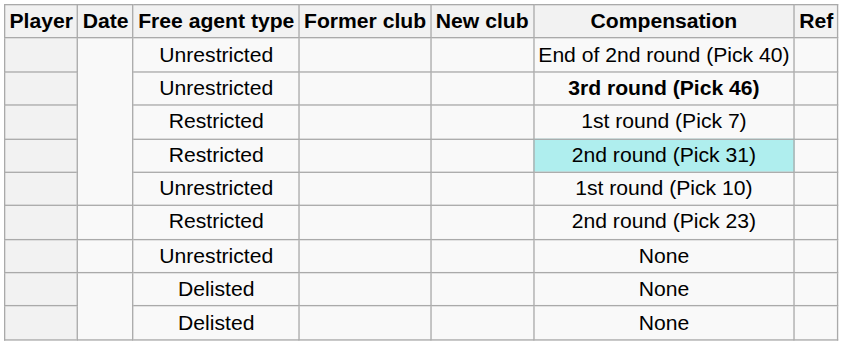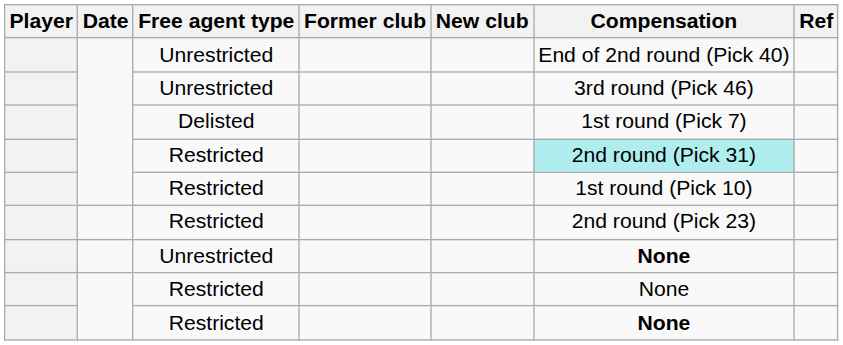 <table class="wikitable plainrowheaders sortable" style="text-align:center;">
 <tr>
 <th scope="col">Player</th>
 <th scope="col">Date</th>
 <th scope="col">Free agent type</th>
 <th scope="col">Former club</th>
 <th scope="col">New club</th>
 <th scope="col">Compensation</th>
 <th scope="col" class="unsortable">Ref</th>
 </tr>
 <tr>
 <th scope="row"></th>
 <td rowspan=5></td>
 <td>Unrestricted</td>
 <td></td>
 <td></td>
 <td>End of 2nd round (Pick 40)</td>
 <td></td>
 </tr>
 <tr>
 <th scope="row"></th>
 <td>Unrestricted</td>
 <td></td>
 <td></td>
-<td><strong>3rd round (Pick 46)</strong></td>
+<td>3rd round (Pick 46)</td>
 <td></td>
 </tr>
 <tr>
 <th scope="row"></th>
-<td>Restricted</td>
+<td>Delisted</td>
 <td></td>
 <td></td>
 <td>1st round (Pick 7)</td>
 <td></td>
 </tr>
 <tr>
 <th scope="row"></th>
 <td>Restricted</td>
 <td></td>
 <td></td>
 <td style="background: paleturquoise;">2nd round (Pick 31)</td>
 <td></td>
 </tr>
 <tr>
 <th scope="row"></th>
-<td>Unrestricted</td>
+<td>Restricted</td>
 <td></td>
 <td></td>
 <td>1st round (Pick 10)</td>
 <td></td>
 </tr>
 <tr>
 <th scope="row"></th>
 <td></td>
 <td>Restricted</td>
 <td></td>
 <td></td>
 <td>2nd round (Pick 23)</td>
 <td></td>
 </tr>
 <tr>
 <th scope="row"></th>
 <td></td>
 <td>Unrestricted</td>
 <td></td>
 <td></td>
-<td>None</td>
+<td><strong>None</strong></td>
 <td></td>
 </tr>
 <tr>
 <th scope="row"></th>
 <td rowspan=2></td>
-<td>Delisted</td>
+<td>Restricted</td>
 <td></td>
 <td></td>
 <td>None</td>
 <td></td>
 </tr>
 <tr>
 <th scope="row"></th>
-<td>Delisted</td>
+<td>Restricted</td>
 <td></td>
 <td></td>
-<td>None</td>
+<td><strong>None</strong></td>
 <td></td>
 </tr>
 </table>
